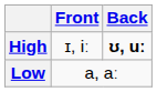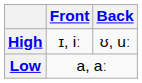 <table class="wikitable IPA" style="text-align:center">
 <tr>
 <th></th>
 <th><a href='#'>Front</a></th>
 <th><a href='#'>Back</a></th>
 </tr>
 <tr align="center">
 <th><a href='#'>High</a></th>
 <td>ɪ, iː</td>
-<td><strong>ʊ, uː</strong></td>
+<td>ʊ, uː</td>
 </tr>
 <tr align="center">
 <th><a href='#'>Low</a></th>
 <td colspan="2">a, aː</td>
 </tr>
 </table>
